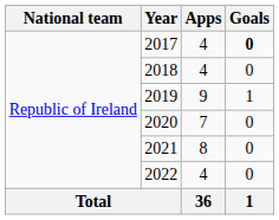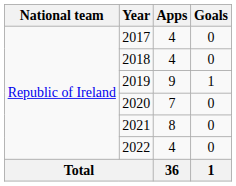 <table class="wikitable" style="text-align:center">
 <tr>
 <th>National team</th>
 <th>Year</th>
 <th>Apps</th>
 <th>Goals</th>
 </tr>
 <tr>
 <td rowspan="6"><a href='#'>Republic of Ireland</a></td>
 <td>2017</td>
 <td>4</td>
-<td><strong>0</strong></td>
+<td>0</td>
 </tr>
 <tr>
 <td>2018</td>
 <td>4</td>
 <td>0</td>
 </tr>
 <tr>
 <td>2019</td>
 <td>9</td>
 <td>1</td>
 </tr>
 <tr>
 <td>2020</td>
 <td>7</td>
 <td>0</td>
 </tr>
 <tr>
 <td>2021</td>
 <td>8</td>
 <td>0</td>
 </tr>
 <tr>
 <td>2022</td>
 <td>4</td>
 <td>0</td>
 </tr>
 <tr>
 <th colspan="2">Total</th>
 <th>36</th>
 <th>1</th>
 </tr>
 </table>
